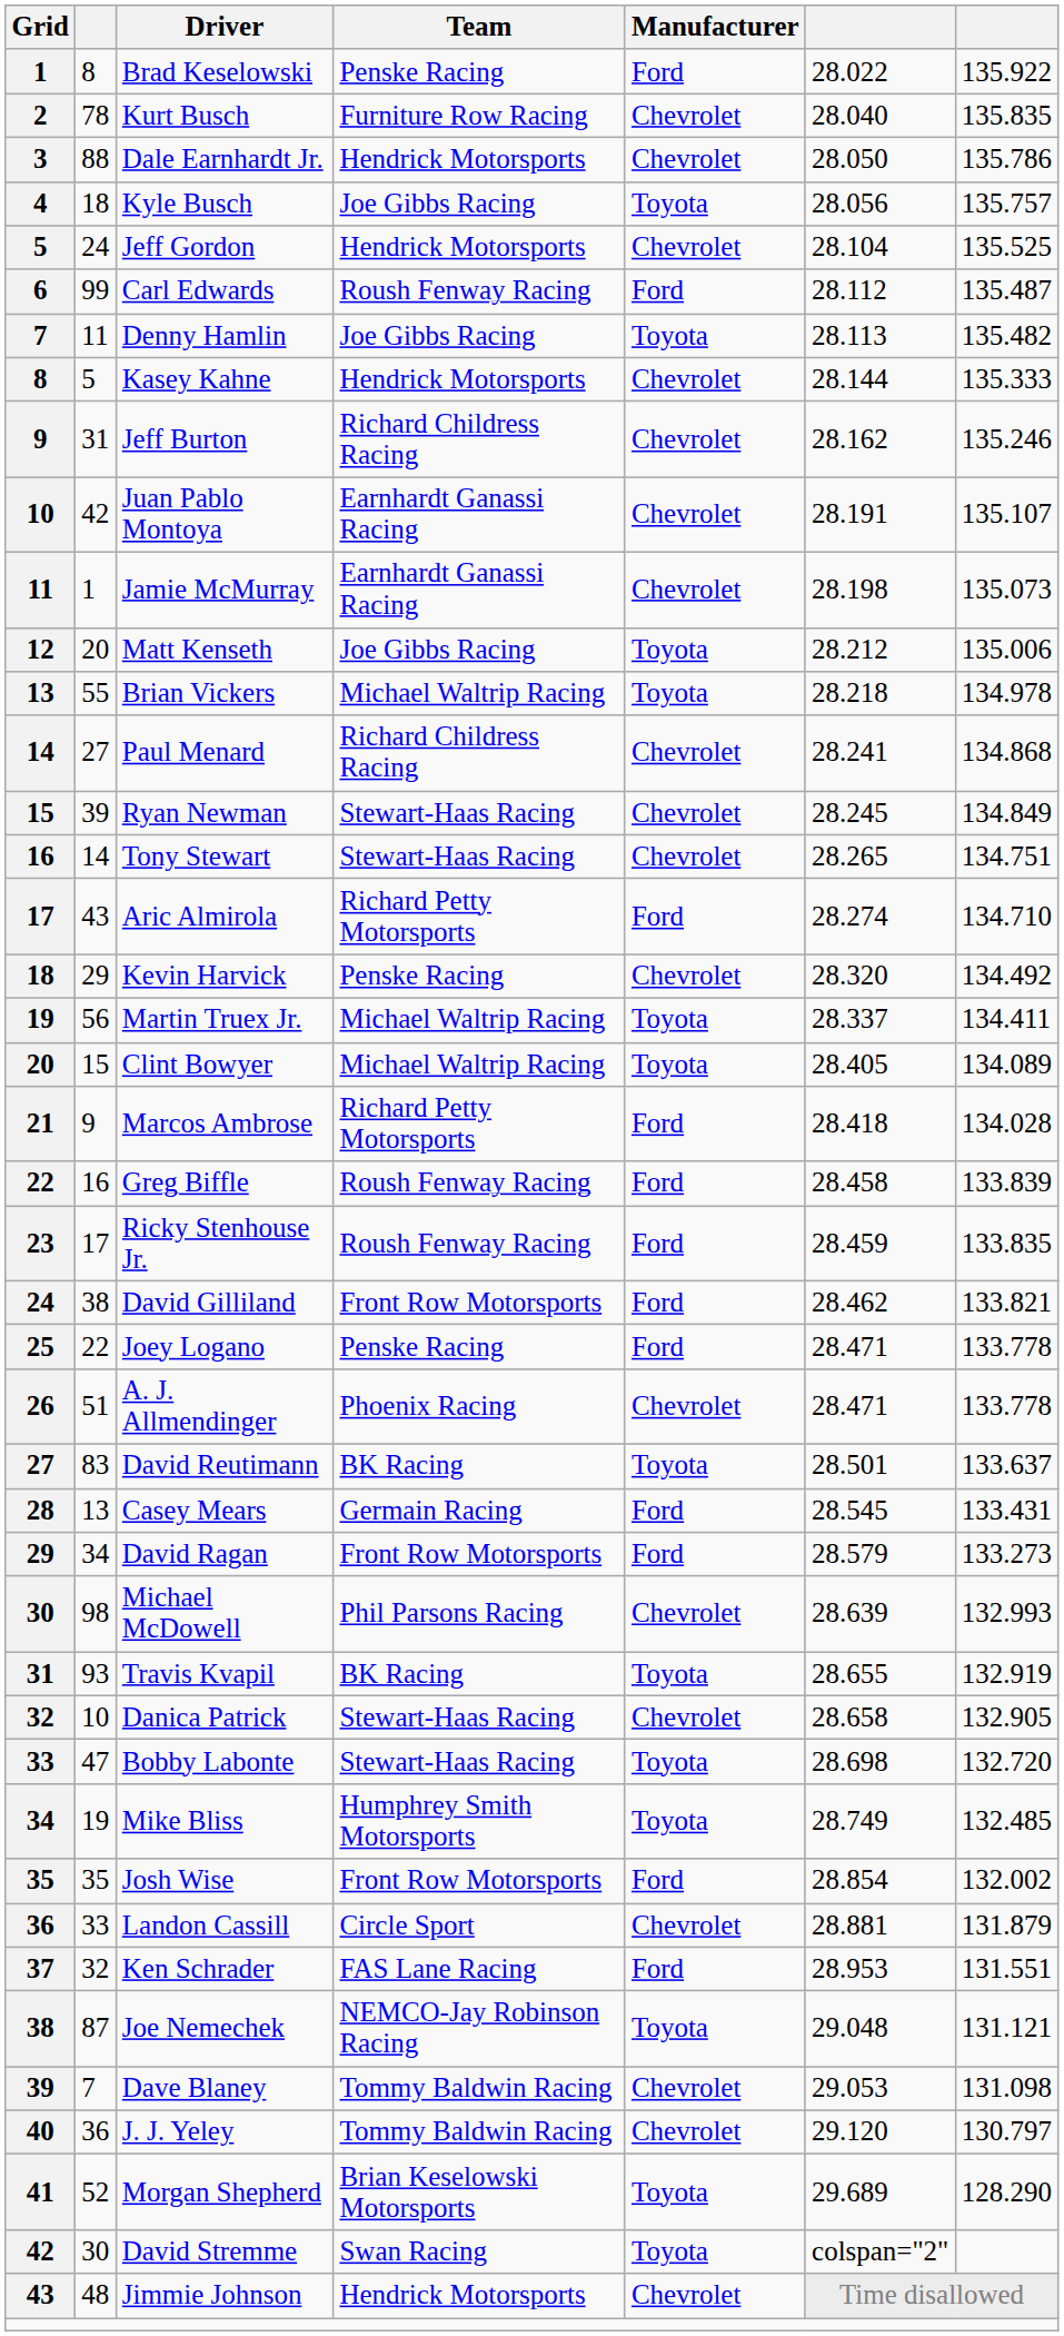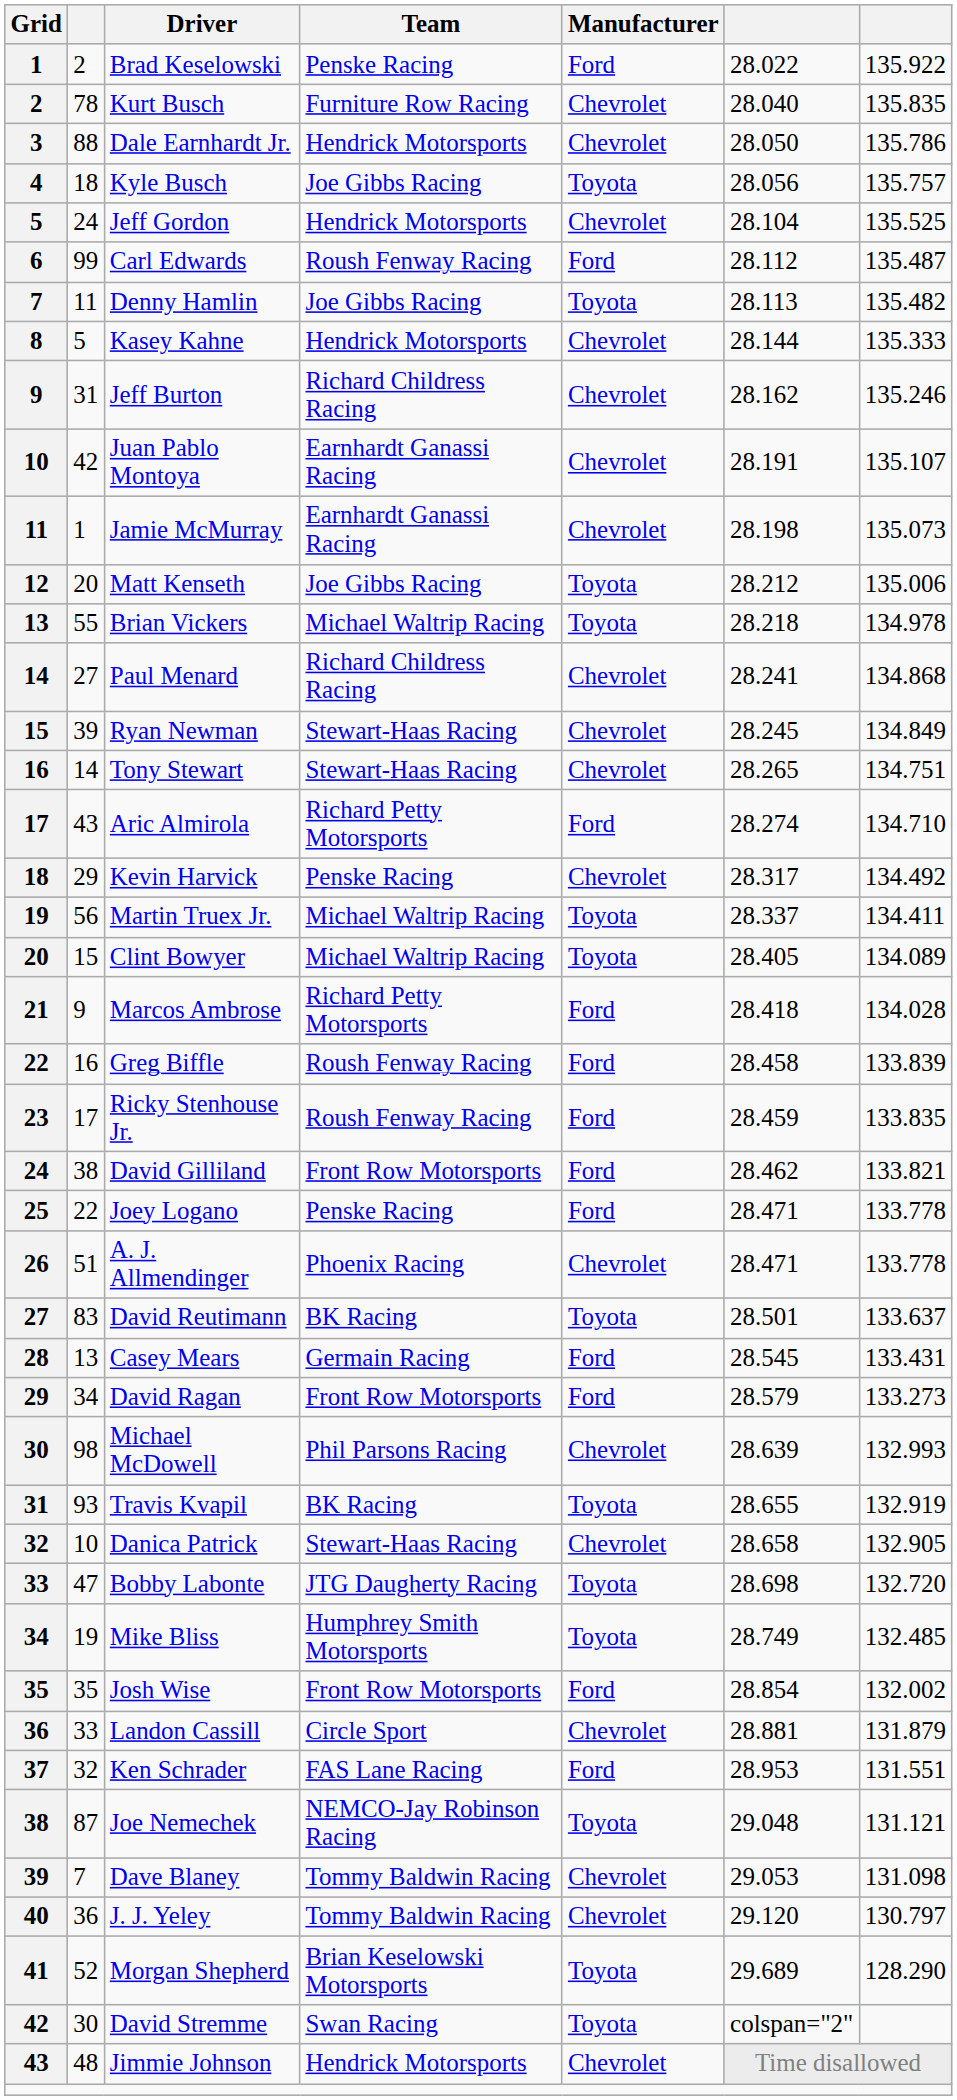 <table class="wikitable">
 <tr>
 <th>Grid</th>
 <th></th>
 <th>Driver</th>
 <th>Team</th>
 <th>Manufacturer</th>
 <th></th>
 <th></th>
 </tr>
 <tr>
 <th>1</th>
-<td>8</td>
+<td>2</td>
 <td><a href='#'>Brad Keselowski</a></td>
 <td><a href='#'>Penske Racing</a></td>
 <td><a href='#'>Ford</a></td>
 <td>28.022</td>
 <td>135.922</td>
 </tr>
 <tr>
 <th>2</th>
 <td>78</td>
 <td><a href='#'>Kurt Busch</a></td>
 <td><a href='#'>Furniture Row Racing</a></td>
 <td><a href='#'>Chevrolet</a></td>
 <td>28.040</td>
 <td>135.835</td>
 </tr>
 <tr>
 <th>3</th>
 <td>88</td>
 <td><a href='#'>Dale Earnhardt Jr.</a></td>
 <td><a href='#'>Hendrick Motorsports</a></td>
 <td><a href='#'>Chevrolet</a></td>
 <td>28.050</td>
 <td>135.786</td>
 </tr>
 <tr>
 <th>4</th>
 <td>18</td>
 <td><a href='#'>Kyle Busch</a></td>
 <td><a href='#'>Joe Gibbs Racing</a></td>
 <td><a href='#'>Toyota</a></td>
 <td>28.056</td>
 <td>135.757</td>
 </tr>
 <tr>
 <th>5</th>
 <td>24</td>
 <td><a href='#'>Jeff Gordon</a></td>
 <td><a href='#'>Hendrick Motorsports</a></td>
 <td><a href='#'>Chevrolet</a></td>
 <td>28.104</td>
 <td>135.525</td>
 </tr>
 <tr>
 <th>6</th>
 <td>99</td>
 <td><a href='#'>Carl Edwards</a></td>
 <td><a href='#'>Roush Fenway Racing</a></td>
 <td><a href='#'>Ford</a></td>
 <td>28.112</td>
 <td>135.487</td>
 </tr>
 <tr>
 <th>7</th>
 <td>11</td>
 <td><a href='#'>Denny Hamlin</a></td>
 <td><a href='#'>Joe Gibbs Racing</a></td>
 <td><a href='#'>Toyota</a></td>
 <td>28.113</td>
 <td>135.482</td>
 </tr>
 <tr>
 <th>8</th>
 <td>5</td>
 <td><a href='#'>Kasey Kahne</a></td>
 <td><a href='#'>Hendrick Motorsports</a></td>
 <td><a href='#'>Chevrolet</a></td>
 <td>28.144</td>
 <td>135.333</td>
 </tr>
 <tr>
 <th>9</th>
 <td>31</td>
 <td><a href='#'>Jeff Burton</a></td>
 <td><a href='#'>Richard Childress Racing</a></td>
 <td><a href='#'>Chevrolet</a></td>
 <td>28.162</td>
 <td>135.246</td>
 </tr>
 <tr>
 <th>10</th>
 <td>42</td>
 <td><a href='#'>Juan Pablo Montoya</a></td>
 <td><a href='#'>Earnhardt Ganassi Racing</a></td>
 <td><a href='#'>Chevrolet</a></td>
 <td>28.191</td>
 <td>135.107</td>
 </tr>
 <tr>
 <th>11</th>
 <td>1</td>
 <td><a href='#'>Jamie McMurray</a></td>
 <td><a href='#'>Earnhardt Ganassi Racing</a></td>
 <td><a href='#'>Chevrolet</a></td>
 <td>28.198</td>
 <td>135.073</td>
 </tr>
 <tr>
 <th>12</th>
 <td>20</td>
 <td><a href='#'>Matt Kenseth</a></td>
 <td><a href='#'>Joe Gibbs Racing</a></td>
 <td><a href='#'>Toyota</a></td>
 <td>28.212</td>
 <td>135.006</td>
 </tr>
 <tr>
 <th>13</th>
 <td>55</td>
 <td><a href='#'>Brian Vickers</a></td>
 <td><a href='#'>Michael Waltrip Racing</a></td>
 <td><a href='#'>Toyota</a></td>
 <td>28.218</td>
 <td>134.978</td>
 </tr>
 <tr>
 <th>14</th>
 <td>27</td>
 <td><a href='#'>Paul Menard</a></td>
 <td><a href='#'>Richard Childress Racing</a></td>
 <td><a href='#'>Chevrolet</a></td>
 <td>28.241</td>
 <td>134.868</td>
 </tr>
 <tr>
 <th>15</th>
 <td>39</td>
 <td><a href='#'>Ryan Newman</a></td>
 <td><a href='#'>Stewart-Haas Racing</a></td>
 <td><a href='#'>Chevrolet</a></td>
 <td>28.245</td>
 <td>134.849</td>
 </tr>
 <tr>
 <th>16</th>
 <td>14</td>
 <td><a href='#'>Tony Stewart</a></td>
 <td><a href='#'>Stewart-Haas Racing</a></td>
 <td><a href='#'>Chevrolet</a></td>
 <td>28.265</td>
 <td>134.751</td>
 </tr>
 <tr>
 <th>17</th>
 <td>43</td>
 <td><a href='#'>Aric Almirola</a></td>
 <td><a href='#'>Richard Petty Motorsports</a></td>
 <td><a href='#'>Ford</a></td>
 <td>28.274</td>
 <td>134.710</td>
 </tr>
 <tr>
 <th>18</th>
 <td>29</td>
 <td><a href='#'>Kevin Harvick</a></td>
 <td><a href='#'>Penske Racing</a></td>
 <td><a href='#'>Chevrolet</a></td>
-<td>28.320</td>
+<td>28.317</td>
 <td>134.492</td>
 </tr>
 <tr>
 <th>19</th>
 <td>56</td>
 <td><a href='#'>Martin Truex Jr.</a></td>
 <td><a href='#'>Michael Waltrip Racing</a></td>
 <td><a href='#'>Toyota</a></td>
 <td>28.337</td>
 <td>134.411</td>
 </tr>
 <tr>
 <th>20</th>
 <td>15</td>
 <td><a href='#'>Clint Bowyer</a></td>
 <td><a href='#'>Michael Waltrip Racing</a></td>
 <td><a href='#'>Toyota</a></td>
 <td>28.405</td>
 <td>134.089</td>
 </tr>
 <tr>
 <th>21</th>
 <td>9</td>
 <td><a href='#'>Marcos Ambrose</a></td>
 <td><a href='#'>Richard Petty Motorsports</a></td>
 <td><a href='#'>Ford</a></td>
 <td>28.418</td>
 <td>134.028</td>
 </tr>
 <tr>
 <th>22</th>
 <td>16</td>
 <td><a href='#'>Greg Biffle</a></td>
 <td><a href='#'>Roush Fenway Racing</a></td>
 <td><a href='#'>Ford</a></td>
 <td>28.458</td>
 <td>133.839</td>
 </tr>
 <tr>
 <th>23</th>
 <td>17</td>
 <td><a href='#'>Ricky Stenhouse Jr.</a></td>
 <td><a href='#'>Roush Fenway Racing</a></td>
 <td><a href='#'>Ford</a></td>
 <td>28.459</td>
 <td>133.835</td>
 </tr>
 <tr>
 <th>24</th>
 <td>38</td>
 <td><a href='#'>David Gilliland</a></td>
 <td><a href='#'>Front Row Motorsports</a></td>
 <td><a href='#'>Ford</a></td>
 <td>28.462</td>
 <td>133.821</td>
 </tr>
 <tr>
 <th>25</th>
 <td>22</td>
 <td><a href='#'>Joey Logano</a></td>
 <td><a href='#'>Penske Racing</a></td>
 <td><a href='#'>Ford</a></td>
 <td>28.471</td>
 <td>133.778</td>
 </tr>
 <tr>
 <th>26</th>
 <td>51</td>
 <td><a href='#'>A. J. Allmendinger</a></td>
 <td><a href='#'>Phoenix Racing</a></td>
 <td><a href='#'>Chevrolet</a></td>
 <td>28.471</td>
 <td>133.778</td>
 </tr>
 <tr>
 <th>27</th>
 <td>83</td>
 <td><a href='#'>David Reutimann</a></td>
 <td><a href='#'>BK Racing</a></td>
 <td><a href='#'>Toyota</a></td>
 <td>28.501</td>
 <td>133.637</td>
 </tr>
 <tr>
 <th>28</th>
 <td>13</td>
 <td><a href='#'>Casey Mears</a></td>
 <td><a href='#'>Germain Racing</a></td>
 <td><a href='#'>Ford</a></td>
 <td>28.545</td>
 <td>133.431</td>
 </tr>
 <tr>
 <th>29</th>
 <td>34</td>
 <td><a href='#'>David Ragan</a></td>
 <td><a href='#'>Front Row Motorsports</a></td>
 <td><a href='#'>Ford</a></td>
 <td>28.579</td>
 <td>133.273</td>
 </tr>
 <tr>
 <th>30</th>
 <td>98</td>
 <td><a href='#'>Michael McDowell</a></td>
 <td><a href='#'>Phil Parsons Racing</a></td>
 <td><a href='#'>Chevrolet</a></td>
 <td>28.639</td>
 <td>132.993</td>
 </tr>
 <tr>
 <th>31</th>
 <td>93</td>
 <td><a href='#'>Travis Kvapil</a></td>
 <td><a href='#'>BK Racing</a></td>
 <td><a href='#'>Toyota</a></td>
 <td>28.655</td>
 <td>132.919</td>
 </tr>
 <tr>
 <th>32</th>
 <td>10</td>
 <td><a href='#'>Danica Patrick</a></td>
 <td><a href='#'>Stewart-Haas Racing</a></td>
 <td><a href='#'>Chevrolet</a></td>
 <td>28.658</td>
 <td>132.905</td>
 </tr>
 <tr>
 <th>33</th>
 <td>47</td>
 <td><a href='#'>Bobby Labonte</a></td>
-<td><a href='#'>Stewart-Haas Racing</a></td>
+<td><a href='#'>JTG Daugherty Racing</a></td>
 <td><a href='#'>Toyota</a></td>
 <td>28.698</td>
 <td>132.720</td>
 </tr>
 <tr>
 <th>34</th>
 <td>19</td>
 <td><a href='#'>Mike Bliss</a></td>
 <td><a href='#'>Humphrey Smith Motorsports</a></td>
 <td><a href='#'>Toyota</a></td>
 <td>28.749</td>
 <td>132.485</td>
 </tr>
 <tr>
 <th>35</th>
 <td>35</td>
 <td><a href='#'>Josh Wise</a></td>
 <td><a href='#'>Front Row Motorsports</a></td>
 <td><a href='#'>Ford</a></td>
 <td>28.854</td>
 <td>132.002</td>
 </tr>
 <tr>
 <th>36</th>
 <td>33</td>
 <td><a href='#'>Landon Cassill</a></td>
 <td><a href='#'>Circle Sport</a></td>
 <td><a href='#'>Chevrolet</a></td>
 <td>28.881</td>
 <td>131.879</td>
 </tr>
 <tr>
 <th>37</th>
 <td>32</td>
 <td><a href='#'>Ken Schrader</a></td>
 <td><a href='#'>FAS Lane Racing</a></td>
 <td><a href='#'>Ford</a></td>
 <td>28.953</td>
 <td>131.551</td>
 </tr>
 <tr>
 <th>38</th>
 <td>87</td>
 <td><a href='#'>Joe Nemechek</a></td>
 <td><a href='#'>NEMCO-Jay Robinson Racing</a></td>
 <td><a href='#'>Toyota</a></td>
 <td>29.048</td>
 <td>131.121</td>
 </tr>
 <tr>
 <th>39</th>
 <td>7</td>
 <td><a href='#'>Dave Blaney</a></td>
 <td><a href='#'>Tommy Baldwin Racing</a></td>
 <td><a href='#'>Chevrolet</a></td>
 <td>29.053</td>
 <td>131.098</td>
 </tr>
 <tr>
 <th>40</th>
 <td>36</td>
 <td><a href='#'>J. J. Yeley</a></td>
 <td><a href='#'>Tommy Baldwin Racing</a></td>
 <td><a href='#'>Chevrolet</a></td>
 <td>29.120</td>
 <td>130.797</td>
 </tr>
 <tr>
 <th>41</th>
 <td>52</td>
 <td><a href='#'>Morgan Shepherd</a></td>
 <td><a href='#'>Brian Keselowski Motorsports</a></td>
 <td><a href='#'>Toyota</a></td>
 <td>29.689</td>
 <td>128.290</td>
 </tr>
 <tr>
 <th>42</th>
 <td>30</td>
 <td><a href='#'>David Stremme</a></td>
 <td><a href='#'>Swan Racing</a></td>
 <td><a href='#'>Toyota</a></td>
 <td>colspan="2" </td>
 </tr>
 <tr>
 <th>43</th>
 <td>48</td>
 <td><a href='#'>Jimmie Johnson</a></td>
 <td><a href='#'>Hendrick Motorsports</a></td>
 <td><a href='#'>Chevrolet</a></td>
 <td colspan="2" style="background: #ececec; color: grey; vertical-align: middle; text-align:center">Time disallowed</td>
 </tr>
 <tr>
 <td colspan="8"></td>
 </tr>
 </table>
